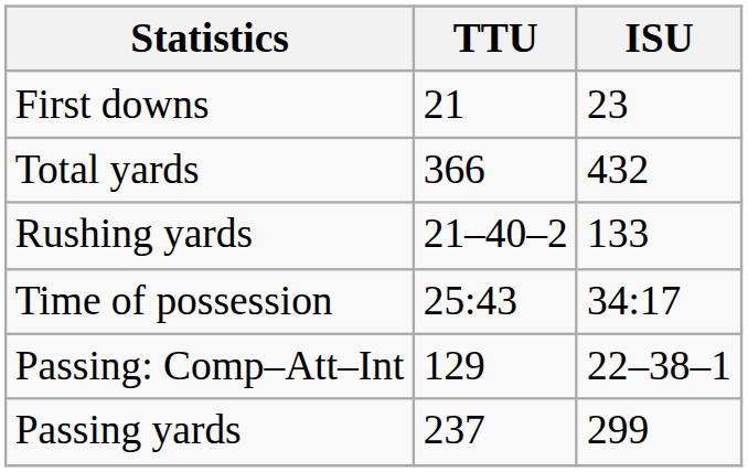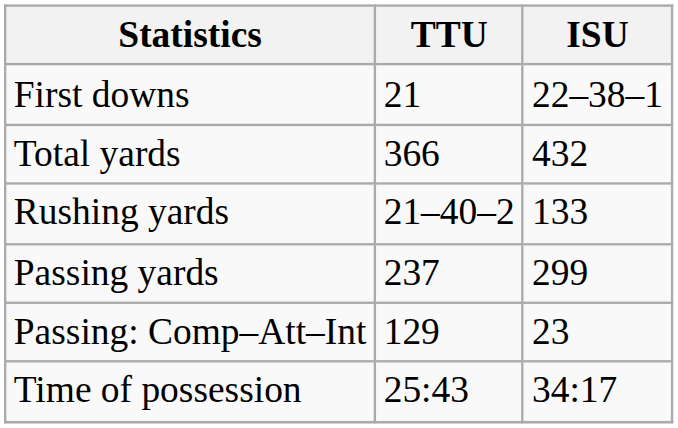 <table class="wikitable" style="float: left;">
 <tr>
 <th>Statistics</th>
 <th>TTU</th>
 <th>ISU</th>
 </tr>
 <tr>
 <td>First downs</td>
 <td>21</td>
-<td>23</td>
+<td>22–38–1</td>
 </tr>
 <tr>
 <td>Total yards</td>
 <td>366</td>
 <td>432</td>
 </tr>
 <tr>
 <td>Rushing yards</td>
 <td>21–40–2</td>
 <td>133</td>
 </tr>
 <tr>
+<td>Passing yards</td>
+<td>237</td>
+<td>299</td>
+</tr>
+<tr>
+<td>Passing: Comp–Att–Int</td>
+<td>129</td>
+<td>23</td>
+</tr>
+<tr>
 <td>Time of possession</td>
 <td>25:43</td>
 <td>34:17</td>
 </tr>
 <tr>
-<td>Passing: Comp–Att–Int</td>
-<td>129</td>
-<td>22–38–1</td>
-</tr>
-<tr>
-<td>Passing yards</td>
-<td>237</td>
-<td>299</td>
-</tr>
-<tr>
 </tr>
 </table>
